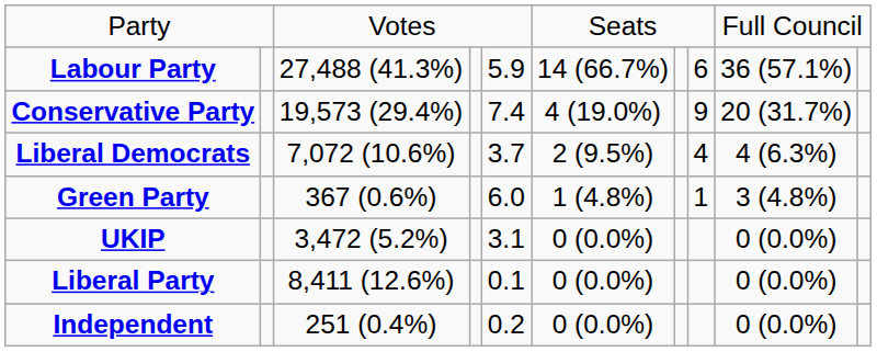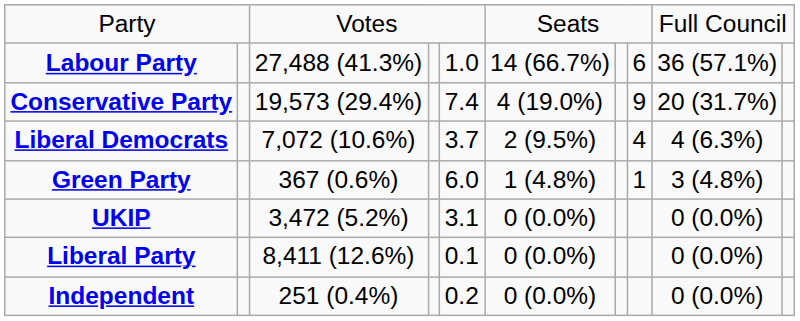 <table class=wikitable style="text-align:center;">
 <tr>
 <td colspan=2>Party</td>
 <td colspan=3>Votes</td>
 <td colspan=3>Seats</td>
 <td colspan=3>Full Council</td>
 </tr>
 <tr>
 <td><strong><a href='#'>Labour Party</a></strong></td>
 <td style="background:"></td>
 <td>27,488 (41.3%)</td>
 <td></td>
-<td> 5.9</td>
+<td> 1.0</td>
 <td>14 (66.7%)</td>
 <td></td>
 <td> 6</td>
 <td>36 (57.1%)</td>
 <td></td>
 </tr>
 <tr>
 <td><strong><a href='#'>Conservative Party</a></strong></td>
 <td style="background:"></td>
 <td>19,573 (29.4%)</td>
 <td></td>
 <td> 7.4</td>
 <td>4 (19.0%)</td>
 <td></td>
 <td> 9</td>
 <td>20 (31.7%)</td>
 <td></td>
 </tr>
 <tr>
 <td><strong><a href='#'>Liberal Democrats</a></strong></td>
 <td style="background:"></td>
 <td>7,072 (10.6%)</td>
 <td></td>
 <td> 3.7</td>
 <td>2 (9.5%)</td>
 <td></td>
 <td> 4</td>
 <td>4 (6.3%)</td>
 <td></td>
 </tr>
 <tr>
 <td><strong><a href='#'>Green Party</a></strong></td>
 <td style="background:"></td>
 <td>367 (0.6%)</td>
 <td></td>
 <td> 6.0</td>
 <td>1 (4.8%)</td>
 <td></td>
 <td> 1</td>
 <td>3 (4.8%)</td>
 <td></td>
 </tr>
 <tr>
 <td><strong><a href='#'>UKIP</a></strong></td>
 <td style="background:"></td>
 <td>3,472 (5.2%)</td>
 <td></td>
 <td> 3.1</td>
 <td>0 (0.0%)</td>
 <td></td>
 <td></td>
 <td>0 (0.0%)</td>
 <td></td>
 </tr>
 <tr>
 <td><strong><a href='#'>Liberal Party</a></strong></td>
 <td style="background:"></td>
 <td>8,411 (12.6%)</td>
 <td></td>
 <td> 0.1</td>
 <td>0 (0.0%)</td>
 <td></td>
 <td></td>
 <td>0 (0.0%)</td>
 <td></td>
 </tr>
 <tr>
 <td><strong><a href='#'>Independent</a></strong></td>
 <td style="background:"></td>
 <td>251 (0.4%)</td>
 <td></td>
 <td> 0.2</td>
 <td>0 (0.0%)</td>
 <td></td>
 <td></td>
 <td>0 (0.0%)</td>
 <td></td>
 </tr>
 </table>
